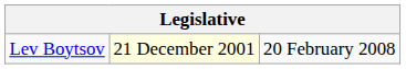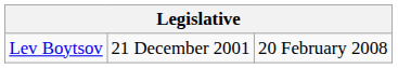 <table class="wikitable sortable">
 <tr>
 <th colspan=3>Legislative</th>
 </tr>
 <tr>
 <td><a href='#'>Lev Boytsov</a></td>
-<td style="background: lightyellow;">21 December 2001</td>
+<td>21 December 2001</td>
 <td>20 February 2008</td>
 </tr>
 </table>
